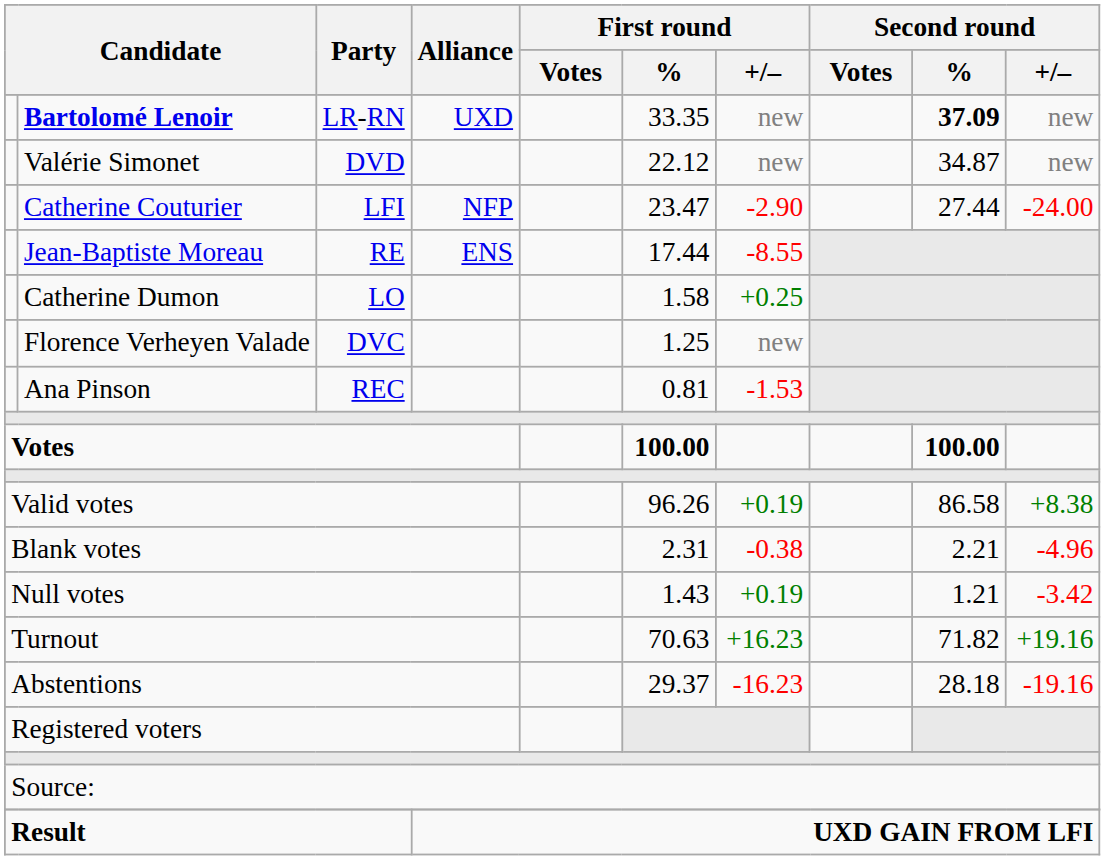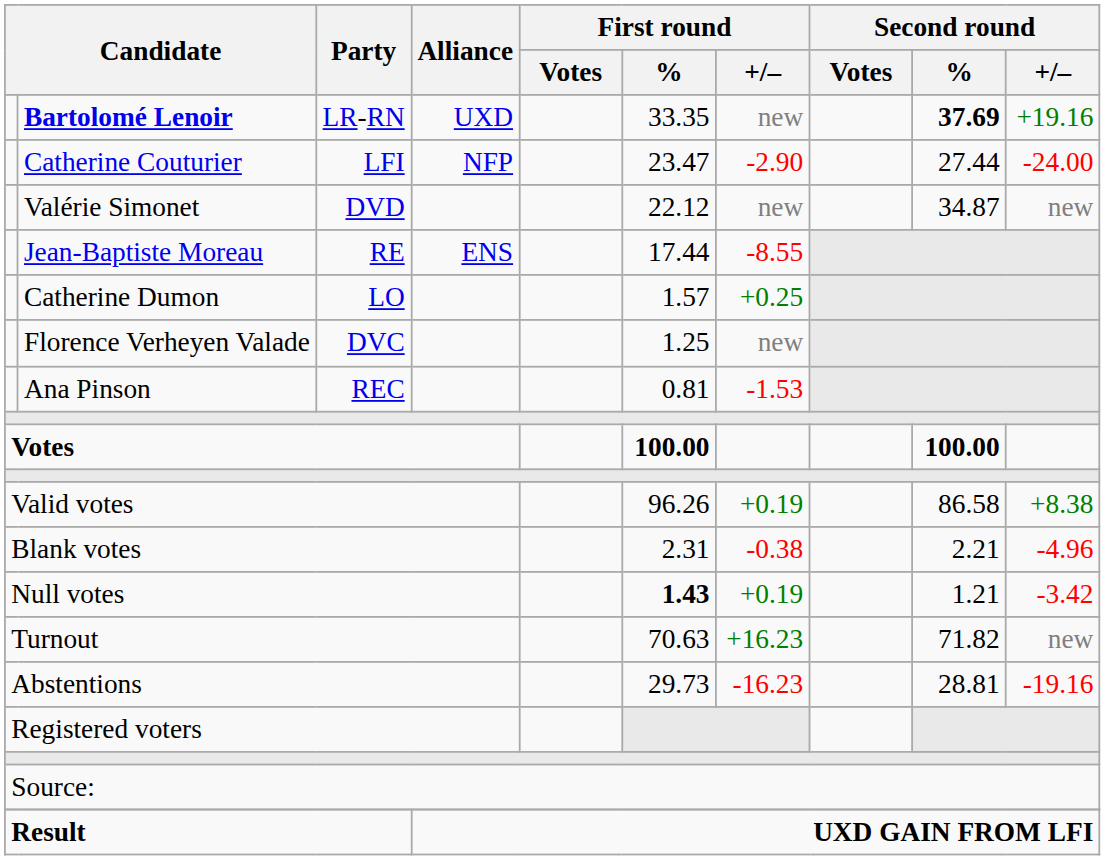 <table class="wikitable" style="text-align:right;font-size:95%;">
 <tr>
 <th rowspan="2" colspan="2">Candidate</th>
 <th rowspan="2">Party</th>
 <th rowspan="2">Alliance</th>
 <th colspan="3">First round</th>
 <th colspan="3">Second round</th>
 </tr>
 <tr>
 <th style="width:50px;">Votes</th>
 <th style="width:45px;">%</th>
 <th style="width:45px;">+/–</th>
 <th style="width:50px;">Votes</th>
 <th style="width:45px;">%</th>
 <th style="width:45px;">+/–</th>
 </tr>
 <tr>
 <td style="color:inherit;background:"></td>
 <td style="text-align:left;"><strong><a href='#'>Bartolomé Lenoir</a></strong></td>
 <td><a href='#'>LR</a>-<a href='#'>RN</a></td>
 <td><a href='#'>UXD</a></td>
 <td></td>
 <td>33.35</td>
 <td style="color:grey;">new</td>
 <td><strong></strong></td>
-<td><strong>37.09</strong></td>
-<td style="color:grey;">new</td>
+<td><strong>37.69</strong></td>
+<td style="color:green;">+19.16</td>
+</tr>
+<tr>
+<td style="color:inherit;background:"></td>
+<td style="text-align:left;"><a href='#'>Catherine Couturier</a></td>
+<td><a href='#'>LFI</a></td>
+<td><a href='#'>NFP</a></td>
+<td></td>
+<td>23.47</td>
+<td style="color:red;">-2.90</td>
+<td></td>
+<td>27.44</td>
+<td style="color:red;">-24.00</td>
 </tr>
 <tr>
 <td style="color:inherit;background:"></td>
 <td style="text-align:left;">Valérie Simonet</td>
 <td><a href='#'>DVD</a></td>
 <td></td>
 <td></td>
 <td>22.12</td>
 <td style="color:grey;">new</td>
 <td></td>
 <td>34.87</td>
 <td style="color:grey;">new</td>
-</tr>
-<tr>
-<td style="color:inherit;background:"></td>
-<td style="text-align:left;"><a href='#'>Catherine Couturier</a></td>
-<td><a href='#'>LFI</a></td>
-<td><a href='#'>NFP</a></td>
-<td></td>
-<td>23.47</td>
-<td style="color:red;">-2.90</td>
-<td></td>
-<td>27.44</td>
-<td style="color:red;">-24.00</td>
 </tr>
 <tr>
 <td style="color:inherit;background:"></td>
 <td style="text-align:left;"><a href='#'>Jean-Baptiste Moreau</a></td>
 <td><a href='#'>RE</a></td>
 <td><a href='#'>ENS</a></td>
 <td></td>
 <td>17.44</td>
 <td style="color:red;">-8.55</td>
 <td colspan="3" style="background:#E9E9E9;"></td>
 </tr>
 <tr>
 <td style="color:inherit;background:"></td>
 <td style="text-align:left;">Catherine Dumon</td>
 <td><a href='#'>LO</a></td>
 <td></td>
 <td></td>
-<td>1.58</td>
+<td>1.57</td>
 <td style="color:green;">+0.25</td>
 <td colspan="3" style="background:#E9E9E9;"></td>
 </tr>
 <tr>
 <td style="color:inherit;background:"></td>
 <td style="text-align:left;">Florence Verheyen Valade</td>
 <td><a href='#'>DVC</a></td>
 <td></td>
 <td></td>
 <td>1.25</td>
 <td style="color:grey;">new</td>
 <td colspan="3" style="background:#E9E9E9;"></td>
 </tr>
 <tr>
 <td style="color:inherit;background:"></td>
 <td style="text-align:left;">Ana Pinson</td>
 <td><a href='#'>REC</a></td>
 <td></td>
 <td></td>
 <td>0.81</td>
 <td style="color:red;">-1.53</td>
 <td colspan="3" style="background:#E9E9E9;"></td>
 </tr>
 <tr>
 <td colspan="10" style="background:#E9E9E9;"></td>
 </tr>
 <tr style="font-weight:bold;">
 <td colspan="4" style="text-align:left;">Votes</td>
 <td></td>
 <td>100.00</td>
 <td></td>
 <td></td>
 <td>100.00</td>
 <td></td>
 </tr>
 <tr>
 <td colspan="10" style="background:#E9E9E9;"></td>
 </tr>
 <tr>
 <td colspan="4" style="text-align:left;">Valid votes</td>
 <td></td>
 <td>96.26</td>
 <td style="color:green;">+0.19</td>
 <td></td>
 <td>86.58</td>
 <td style="color:green;">+8.38</td>
 </tr>
 <tr>
 <td colspan="4" style="text-align:left;">Blank votes</td>
 <td></td>
 <td>2.31</td>
 <td style="color:red;">-0.38</td>
 <td></td>
 <td>2.21</td>
 <td style="color:red;">-4.96</td>
 </tr>
 <tr>
 <td colspan="4" style="text-align:left;">Null votes</td>
 <td></td>
-<td>1.43</td>
+<td><strong>1.43</strong></td>
 <td style="color:green;">+0.19</td>
 <td></td>
 <td>1.21</td>
 <td style="color:red;">-3.42</td>
 </tr>
 <tr>
 <td colspan="4" style="text-align:left;">Turnout</td>
 <td></td>
 <td>70.63</td>
 <td style="color:green;">+16.23</td>
 <td></td>
 <td>71.82</td>
-<td style="color:green;">+19.16</td>
+<td style="color:grey;">new</td>
 </tr>
 <tr>
 <td colspan="4" style="text-align:left;">Abstentions</td>
 <td></td>
-<td>29.37</td>
+<td>29.73</td>
 <td style="color:red;">-16.23</td>
 <td></td>
-<td>28.18</td>
+<td>28.81</td>
 <td style="color:red;">-19.16</td>
 </tr>
 <tr>
 <td colspan="4" style="text-align:left;">Registered voters</td>
 <td></td>
 <td colspan="2" style="background:#E9E9E9;"></td>
 <td></td>
 <td colspan="2" style="background:#E9E9E9;"></td>
 </tr>
 <tr>
 <td colspan="10" style="background:#E9E9E9;"></td>
 </tr>
 <tr>
 <td colspan="10" style="text-align:left;">Source: </td>
 </tr>
 <tr>
 </tr>
 <tr style="font-weight:bold">
 <td colspan="3" style="text-align:left;">Result</td>
 <td colspan="7" style="background-color:">UXD GAIN FROM LFI</td>
 </tr>
 </table>
